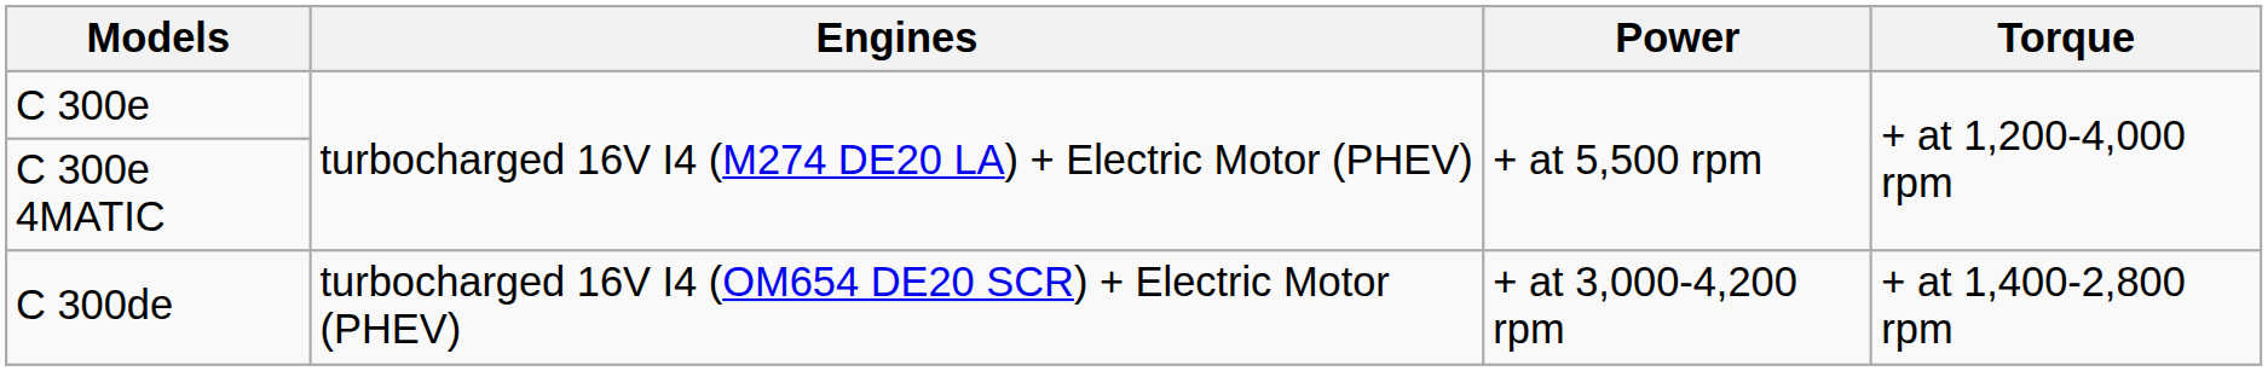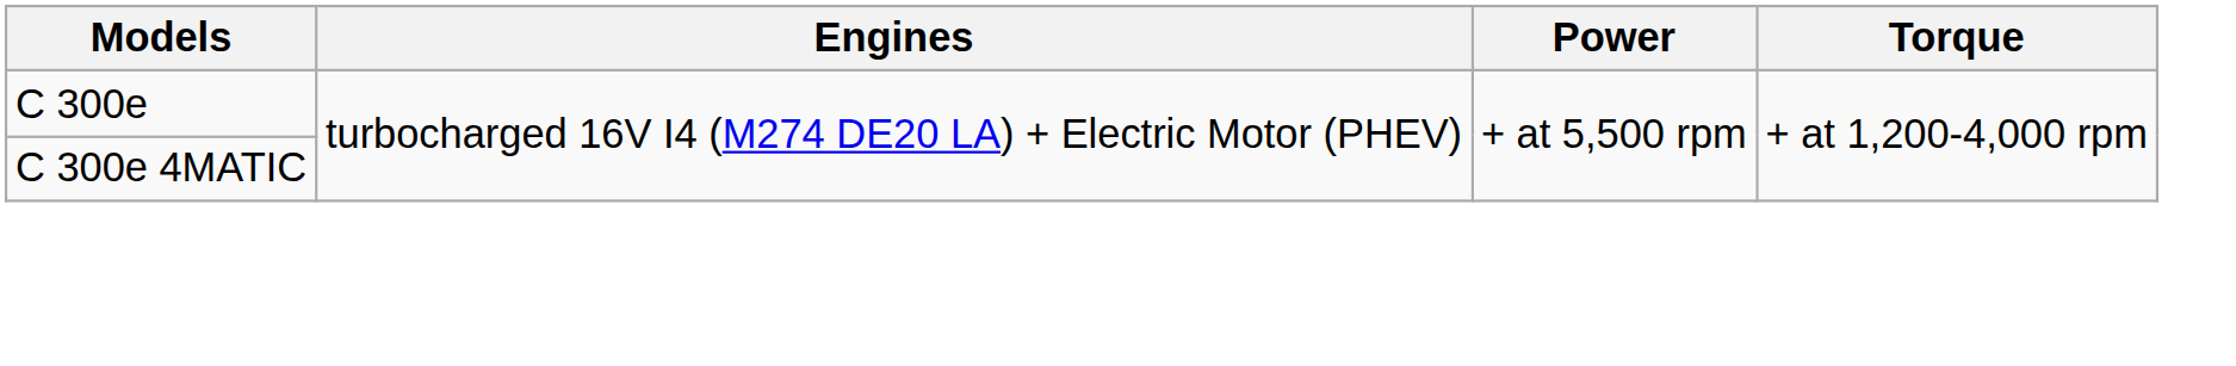 <table class="wikitable">
 <tr>
 <th>Models</th>
 <th>Engines</th>
 <th>Power</th>
 <th>Torque</th>
 </tr>
 <tr>
 <td>C 300e</td>
 <td rowspan="2"> turbocharged 16V I4 (<a href='#'>M274 DE20 LA</a>) + Electric Motor (PHEV)</td>
 <td rowspan="2"> +  at 5,500 rpm</td>
 <td rowspan="2"> +  at 1,200-4,000 rpm</td>
 </tr>
 <tr>
 <td>C 300e 4MATIC</td>
 </tr>
-<tr>
-<td>C 300de</td>
-<td> turbocharged 16V I4 (<a href='#'>OM654 DE20 SCR</a>) + Electric Motor (PHEV)</td>
-<td> +  at 3,000-4,200 rpm</td>
-<td> +  at 1,400-2,800 rpm</td>
-</tr>
 </table>
